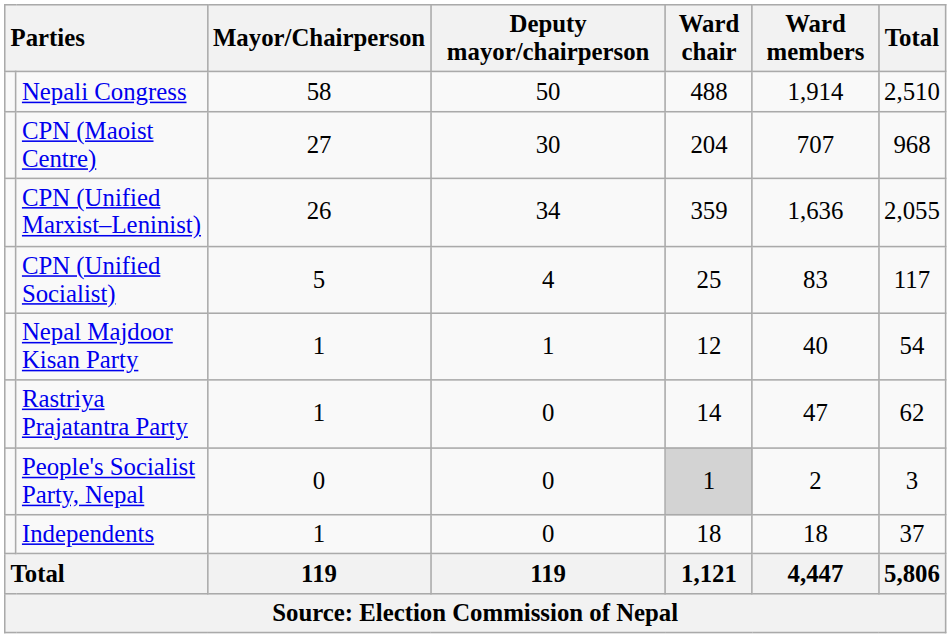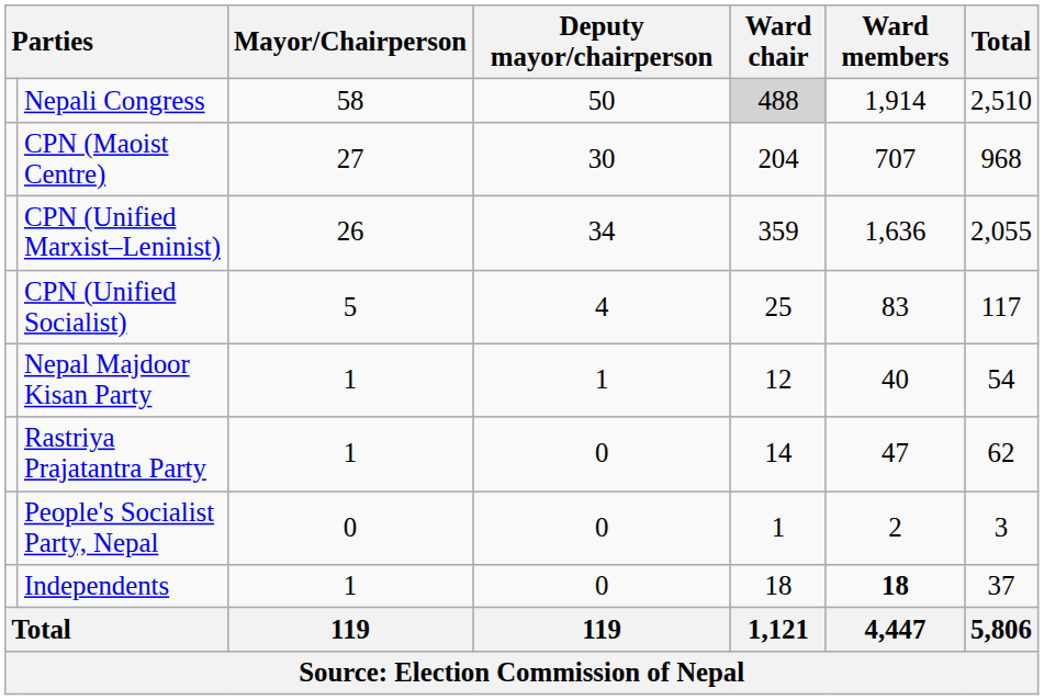 <table class="wikitable sortable" style="text-align:right">
 <tr>
 <th colspan="2" style="text-align:left;">Parties</th>
 <th>Mayor/Chairperson</th>
 <th>Deputy mayor/chairperson</th>
 <th>Ward chair</th>
 <th>Ward members</th>
 <th>Total</th>
 </tr>
 <tr>
 <td style="background-color:"></td>
 <td style="text-align:left;"><a href='#'>Nepali Congress</a></td>
 <td style="text-align:center;">58</td>
 <td style="text-align:center;">50</td>
-<td style="text-align:center;">488</td>
+<td style="background: lightgrey; text-align:center;">488</td>
 <td style="text-align:center;">1,914</td>
 <td style="text-align:center;">2,510</td>
 </tr>
 <tr>
 <td style="background-color:"></td>
 <td style="text-align:left;"><a href='#'>CPN (Maoist Centre)</a></td>
 <td style="text-align:center;">27</td>
 <td style="text-align:center;">30</td>
 <td style="text-align:center;">204</td>
 <td style="text-align:center;">707</td>
 <td style="text-align:center;">968</td>
 </tr>
 <tr>
 <td style="background-color:"></td>
 <td style="text-align:left;"><a href='#'>CPN (Unified Marxist–Leninist)</a></td>
 <td style="text-align:center;">26</td>
 <td style="text-align:center;">34</td>
 <td style="text-align:center;">359</td>
 <td style="text-align:center;">1,636</td>
 <td style="text-align:center;">2,055</td>
 </tr>
 <tr>
 <td style="background-color:"></td>
 <td style="text-align:left;"><a href='#'>CPN (Unified Socialist)</a></td>
 <td style="text-align:center;">5</td>
 <td style="text-align:center;">4</td>
 <td style="text-align:center;">25</td>
 <td style="text-align:center;">83</td>
 <td style="text-align:center;">117</td>
 </tr>
 <tr>
 <td style="background-color:"></td>
 <td style="text-align:left;"><a href='#'>Nepal Majdoor Kisan Party</a></td>
 <td style="text-align:center;">1</td>
 <td style="text-align:center;">1</td>
 <td style="text-align:center;">12</td>
 <td style="text-align:center;">40</td>
 <td style="text-align:center;">54</td>
 </tr>
 <tr>
 <td style="background-color:"></td>
 <td style="text-align:left;"><a href='#'>Rastriya Prajatantra Party</a></td>
 <td style="text-align:center;">1</td>
 <td style="text-align:center;">0</td>
 <td style="text-align:center;">14</td>
 <td style="text-align:center;">47</td>
 <td style="text-align:center;">62</td>
 </tr>
 <tr>
 <td style="background-color:"></td>
 <td style="text-align:left;"><a href='#'>People's Socialist Party, Nepal</a></td>
 <td style="text-align:center;">0</td>
 <td style="text-align:center;">0</td>
-<td style="background: lightgrey; text-align:center;">1</td>
+<td style="text-align:center;">1</td>
 <td style="text-align:center;">2</td>
 <td style="text-align:center;">3</td>
 </tr>
 <tr>
 <td style="background-color:"></td>
 <td style="text-align:left;"><a href='#'>Independents</a></td>
 <td style="text-align:center;">1</td>
 <td style="text-align:center;">0</td>
 <td style="text-align:center;">18</td>
-<td style="text-align:center;">18</td>
+<td style="text-align:center;"><strong>18</strong></td>
 <td style="text-align:center;">37</td>
 </tr>
 <tr>
 <th colspan="2" style="text-align:left;">Total</th>
 <th>119</th>
 <th>119</th>
 <th>1,121</th>
 <th>4,447</th>
 <th>5,806</th>
 </tr>
 <tr>
 <th colspan="7">Source: Election Commission of Nepal</th>
 </tr>
 </table>
